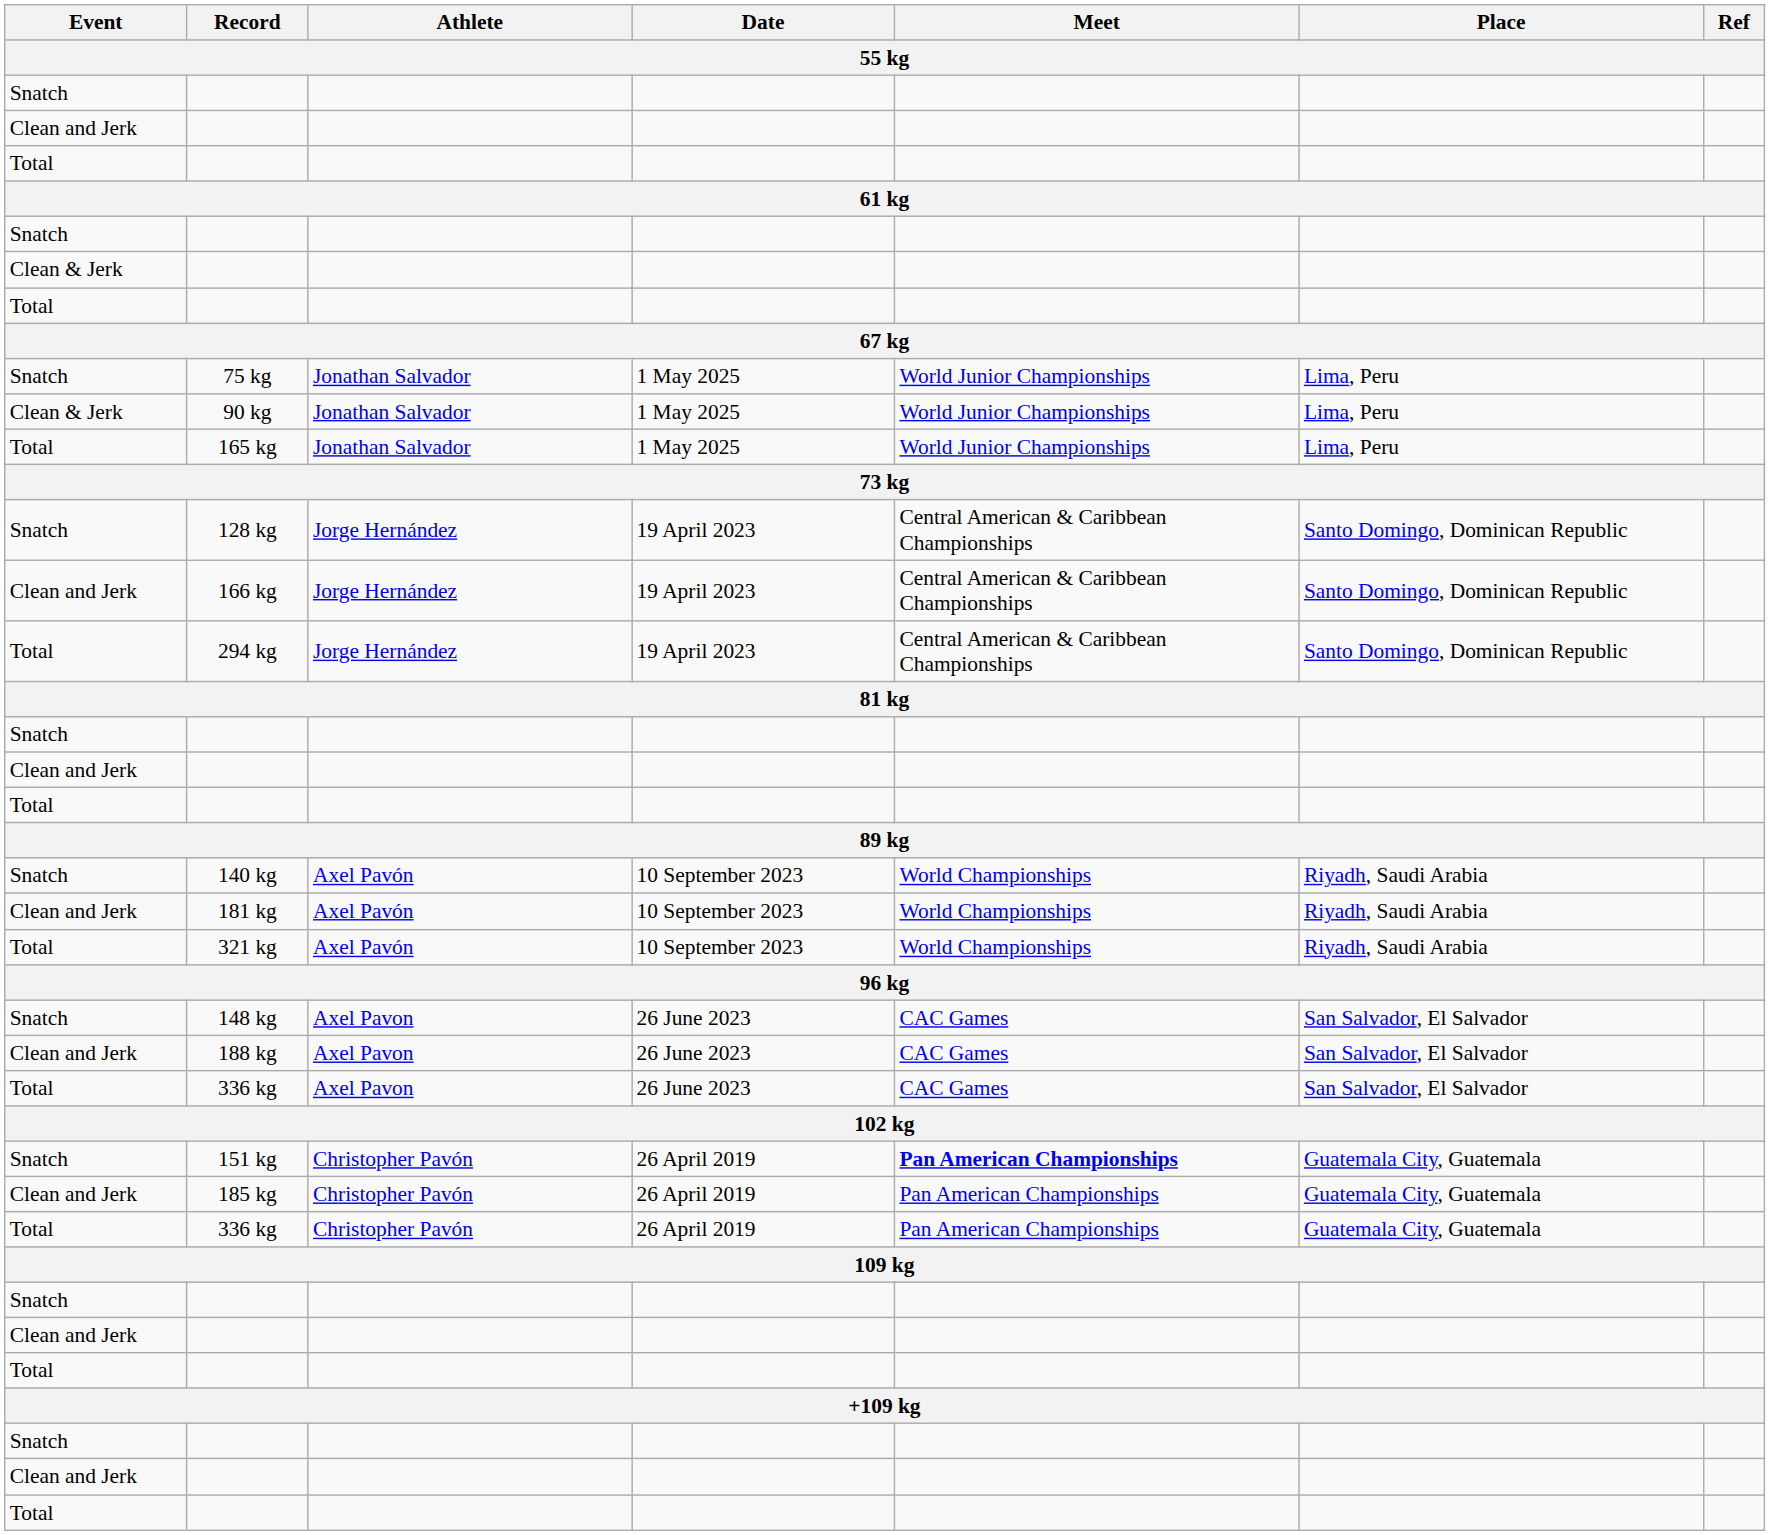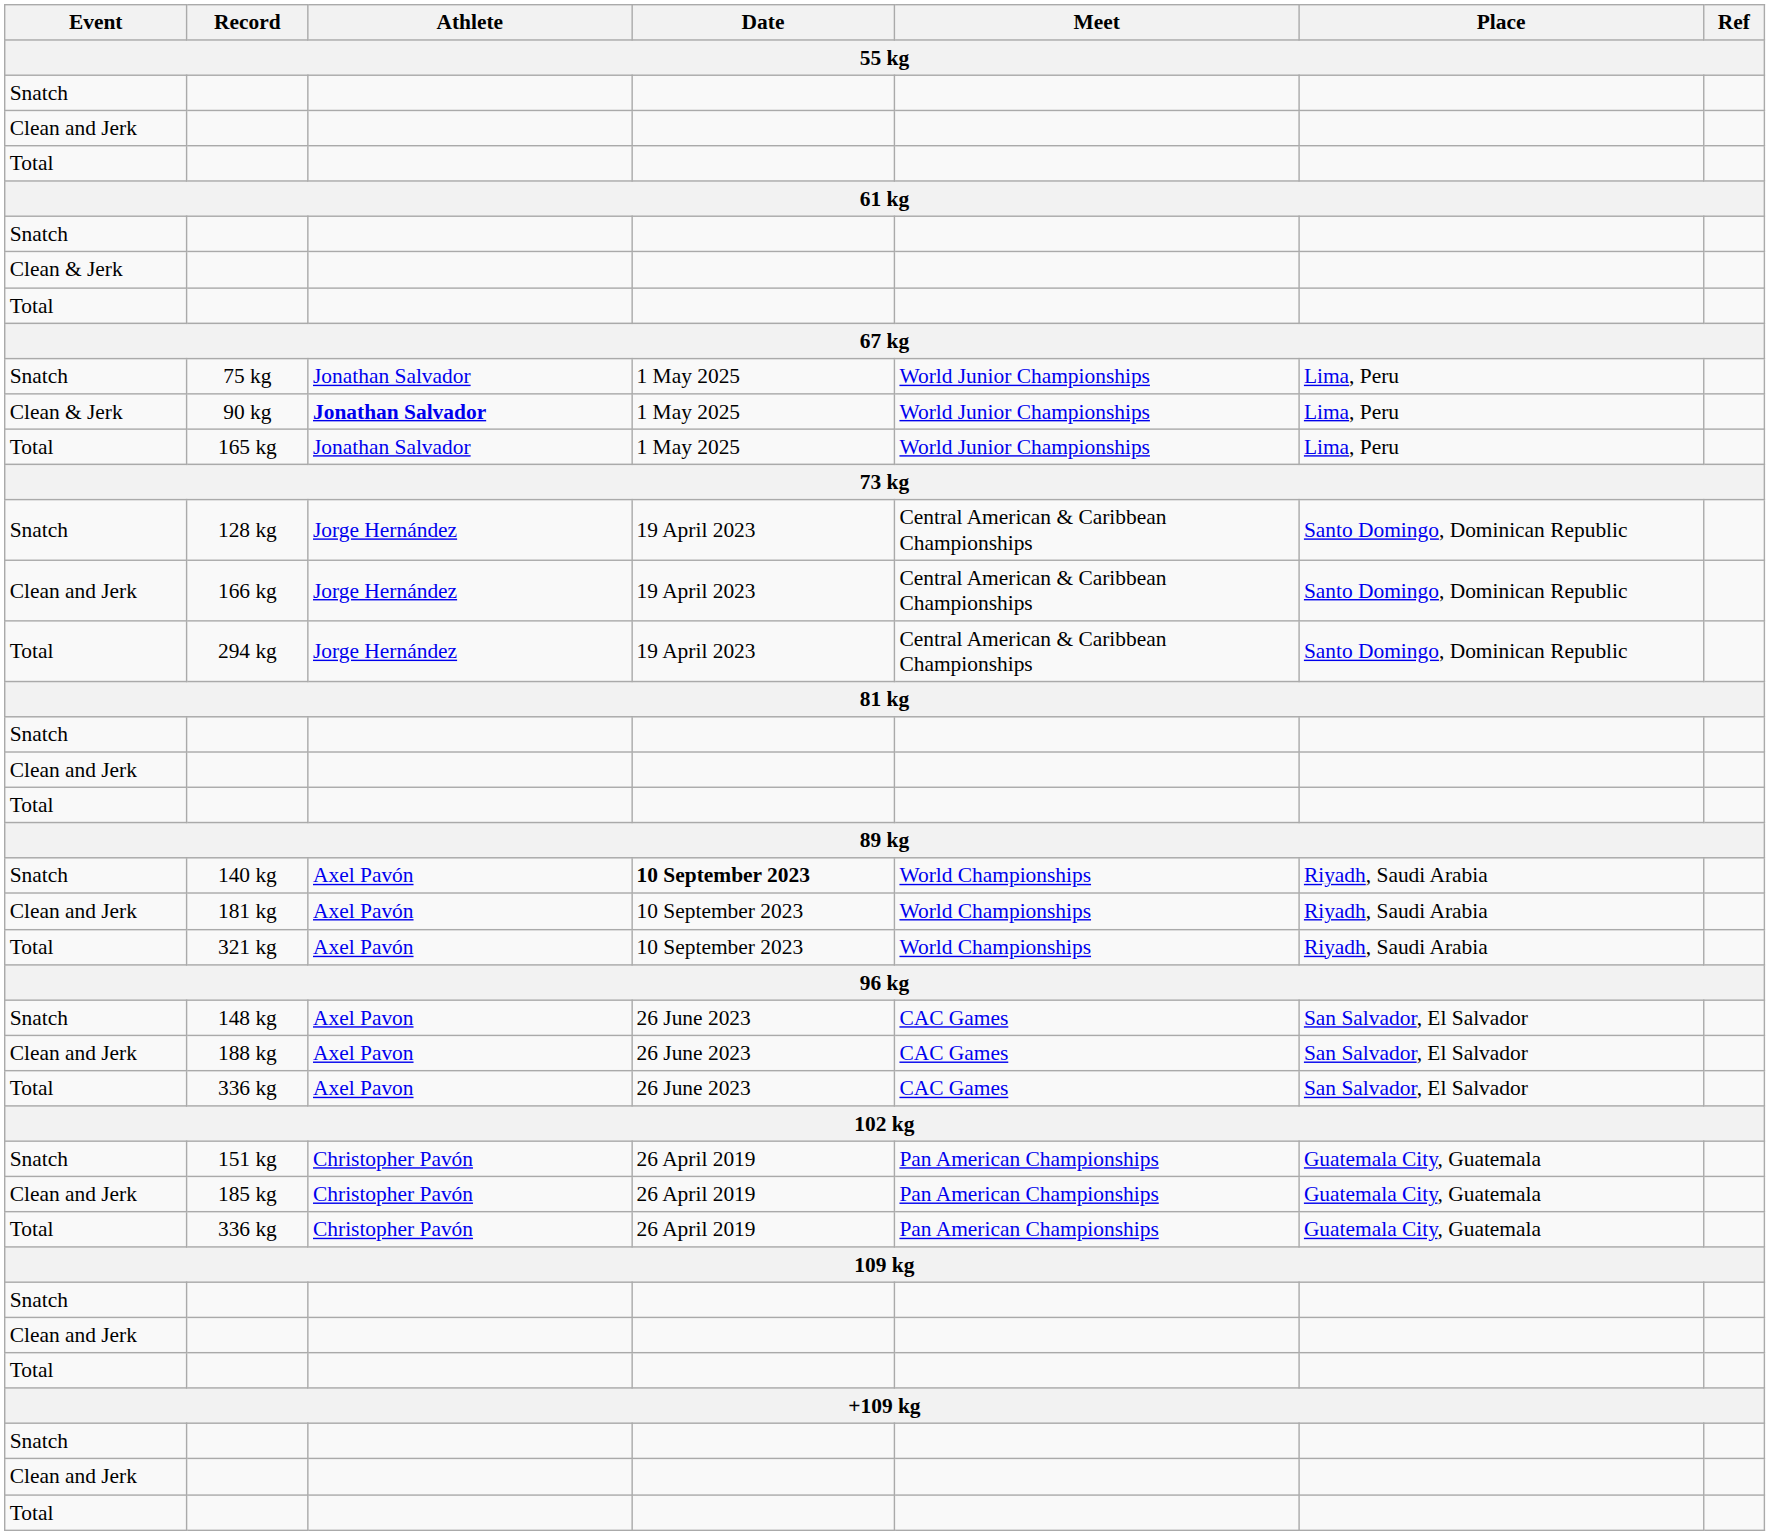 <table class="wikitable" style="font-size:95%;">
 <tr>
 <th width=9%>Event</th>
 <th width=6%>Record</th>
 <th width=16%>Athlete</th>
 <th width=13%>Date</th>
 <th width=20%>Meet</th>
 <th width=20%>Place</th>
 <th width=3%>Ref</th>
 </tr>
 <tr bgcolor="#DDDDDD">
 <th colspan="7">55 kg</th>
 </tr>
 <tr>
 <td>Snatch</td>
 <td align="center"></td>
 <td></td>
 <td></td>
 <td></td>
 <td></td>
 <td></td>
 </tr>
 <tr>
 <td>Clean and Jerk</td>
 <td align="center"></td>
 <td></td>
 <td></td>
 <td></td>
 <td></td>
 <td></td>
 </tr>
 <tr>
 <td>Total</td>
 <td align="center"></td>
 <td></td>
 <td></td>
 <td></td>
 <td></td>
 <td></td>
 </tr>
 <tr bgcolor="#DDDDDD">
 <th colspan="7">61 kg</th>
 </tr>
 <tr>
 <td>Snatch</td>
 <td align="center"></td>
 <td></td>
 <td></td>
 <td></td>
 <td></td>
 <td></td>
 </tr>
 <tr>
 <td>Clean & Jerk</td>
 <td align="center"></td>
 <td></td>
 <td></td>
 <td></td>
 <td></td>
 <td></td>
 </tr>
 <tr>
 <td>Total</td>
 <td align="center"></td>
 <td></td>
 <td></td>
 <td></td>
 <td></td>
 <td></td>
 </tr>
 <tr bgcolor="#DDDDDD">
 <th colspan="7">67 kg</th>
 </tr>
 <tr>
 <td>Snatch</td>
 <td align="center">75 kg</td>
 <td><a href='#'>Jonathan Salvador</a></td>
 <td>1 May 2025</td>
 <td><a href='#'>World Junior Championships</a></td>
 <td><a href='#'>Lima</a>, Peru</td>
 <td></td>
 </tr>
 <tr>
 <td>Clean & Jerk</td>
 <td align="center">90 kg</td>
-<td><a href='#'>Jonathan Salvador</a></td>
+<td><strong><a href='#'>Jonathan Salvador</a></strong></td>
 <td>1 May 2025</td>
 <td><a href='#'>World Junior Championships</a></td>
 <td><a href='#'>Lima</a>, Peru</td>
 <td></td>
 </tr>
 <tr>
 <td>Total</td>
 <td align="center">165 kg</td>
 <td><a href='#'>Jonathan Salvador</a></td>
 <td>1 May 2025</td>
 <td><a href='#'>World Junior Championships</a></td>
 <td><a href='#'>Lima</a>, Peru</td>
 <td></td>
 </tr>
 <tr bgcolor="#DDDDDD">
 <th colspan="7">73 kg</th>
 </tr>
 <tr>
 <td>Snatch</td>
 <td align="center">128 kg</td>
 <td><a href='#'>Jorge Hernández</a></td>
 <td>19 April 2023</td>
 <td>Central American & Caribbean Championships</td>
 <td><a href='#'>Santo Domingo</a>, Dominican Republic</td>
 <td></td>
 </tr>
 <tr>
 <td>Clean and Jerk</td>
 <td align="center">166 kg</td>
 <td><a href='#'>Jorge Hernández</a></td>
 <td>19 April 2023</td>
 <td>Central American & Caribbean Championships</td>
 <td><a href='#'>Santo Domingo</a>, Dominican Republic</td>
 <td></td>
 </tr>
 <tr>
 <td>Total</td>
 <td align="center">294 kg</td>
 <td><a href='#'>Jorge Hernández</a></td>
 <td>19 April 2023</td>
 <td>Central American & Caribbean Championships</td>
 <td><a href='#'>Santo Domingo</a>, Dominican Republic</td>
 <td></td>
 </tr>
 <tr bgcolor="#DDDDDD">
 <th colspan="7">81 kg</th>
 </tr>
 <tr>
 <td>Snatch</td>
 <td align="center"></td>
 <td></td>
 <td></td>
 <td></td>
 <td></td>
 <td></td>
 </tr>
 <tr>
 <td>Clean and Jerk</td>
 <td align="center"></td>
 <td></td>
 <td></td>
 <td></td>
 <td></td>
 <td></td>
 </tr>
 <tr>
 <td>Total</td>
 <td align="center"></td>
 <td></td>
 <td></td>
 <td></td>
 <td></td>
 <td></td>
 </tr>
 <tr bgcolor="#DDDDDD">
 <th colspan="7">89 kg</th>
 </tr>
 <tr>
 <td>Snatch</td>
 <td align="center">140 kg</td>
 <td><a href='#'>Axel Pavón</a></td>
-<td>10 September 2023</td>
+<td><strong>10 September 2023</strong></td>
 <td><a href='#'>World Championships</a></td>
 <td><a href='#'>Riyadh</a>, Saudi Arabia</td>
 <td></td>
 </tr>
 <tr>
 <td>Clean and Jerk</td>
 <td align="center">181 kg</td>
 <td><a href='#'>Axel Pavón</a></td>
 <td>10 September 2023</td>
 <td><a href='#'>World Championships</a></td>
 <td><a href='#'>Riyadh</a>, Saudi Arabia</td>
 <td></td>
 </tr>
 <tr>
 <td>Total</td>
 <td align="center">321 kg</td>
 <td><a href='#'>Axel Pavón</a></td>
 <td>10 September 2023</td>
 <td><a href='#'>World Championships</a></td>
 <td><a href='#'>Riyadh</a>, Saudi Arabia</td>
 <td></td>
 </tr>
 <tr bgcolor="#DDDDDD">
 <th colspan="7">96 kg</th>
 </tr>
 <tr>
 <td>Snatch</td>
 <td align="center">148 kg</td>
 <td><a href='#'>Axel Pavon</a></td>
 <td>26 June 2023</td>
 <td><a href='#'>CAC Games</a></td>
 <td><a href='#'>San Salvador</a>, El Salvador</td>
 <td></td>
 </tr>
 <tr>
 <td>Clean and Jerk</td>
 <td align="center">188 kg</td>
 <td><a href='#'>Axel Pavon</a></td>
 <td>26 June 2023</td>
 <td><a href='#'>CAC Games</a></td>
 <td><a href='#'>San Salvador</a>, El Salvador</td>
 <td></td>
 </tr>
 <tr>
 <td>Total</td>
 <td align="center">336 kg</td>
 <td><a href='#'>Axel Pavon</a></td>
 <td>26 June 2023</td>
 <td><a href='#'>CAC Games</a></td>
 <td><a href='#'>San Salvador</a>, El Salvador</td>
 <td></td>
 </tr>
 <tr bgcolor="#DDDDDD">
 <th colspan="7">102 kg</th>
 </tr>
 <tr>
 <td>Snatch</td>
 <td align="center">151 kg</td>
 <td><a href='#'>Christopher Pavón</a></td>
 <td>26 April 2019</td>
-<td><strong><a href='#'>Pan American Championships</a></strong></td>
+<td><a href='#'>Pan American Championships</a></td>
 <td><a href='#'>Guatemala City</a>, Guatemala</td>
 <td></td>
 </tr>
 <tr>
 <td>Clean and Jerk</td>
 <td align="center">185 kg</td>
 <td><a href='#'>Christopher Pavón</a></td>
 <td>26 April 2019</td>
 <td><a href='#'>Pan American Championships</a></td>
 <td><a href='#'>Guatemala City</a>, Guatemala</td>
 <td></td>
 </tr>
 <tr>
 <td>Total</td>
 <td align="center">336 kg</td>
 <td><a href='#'>Christopher Pavón</a></td>
 <td>26 April 2019</td>
 <td><a href='#'>Pan American Championships</a></td>
 <td><a href='#'>Guatemala City</a>, Guatemala</td>
 <td></td>
 </tr>
 <tr bgcolor="#DDDDDD">
 <th colspan="7">109 kg</th>
 </tr>
 <tr>
 <td>Snatch</td>
 <td align="center"></td>
 <td></td>
 <td></td>
 <td></td>
 <td></td>
 <td></td>
 </tr>
 <tr>
 <td>Clean and Jerk</td>
 <td align="center"></td>
 <td></td>
 <td></td>
 <td></td>
 <td></td>
 <td></td>
 </tr>
 <tr>
 <td>Total</td>
 <td align="center"></td>
 <td></td>
 <td></td>
 <td></td>
 <td></td>
 <td></td>
 </tr>
 <tr bgcolor="#DDDDDD">
 <th colspan="7">+109 kg</th>
 </tr>
 <tr>
 <td>Snatch</td>
 <td align="center"></td>
 <td></td>
 <td></td>
 <td></td>
 <td></td>
 <td></td>
 </tr>
 <tr>
 <td>Clean and Jerk</td>
 <td align="center"></td>
 <td></td>
 <td></td>
 <td></td>
 <td></td>
 <td></td>
 </tr>
 <tr>
 <td>Total</td>
 <td align="center"></td>
 <td></td>
 <td></td>
 <td></td>
 <td></td>
 <td></td>
 </tr>
 </table>
